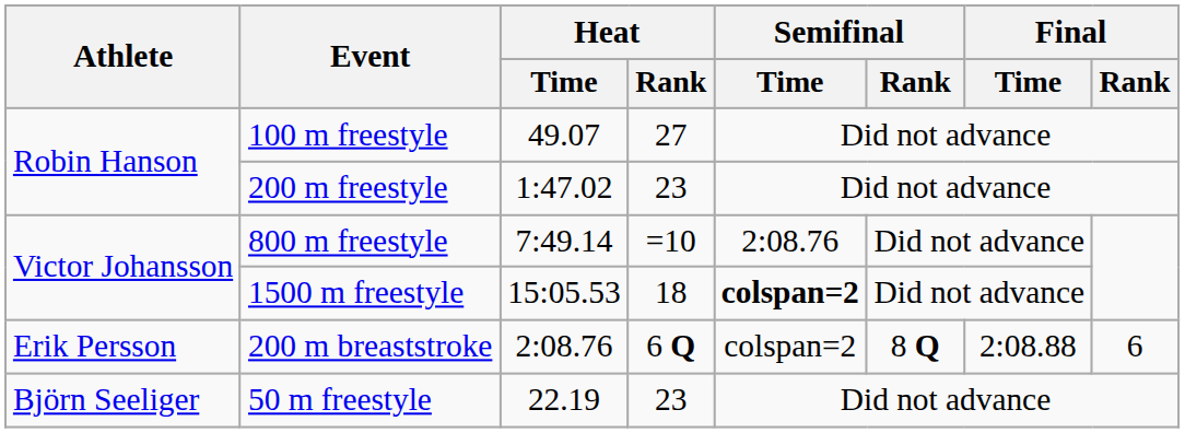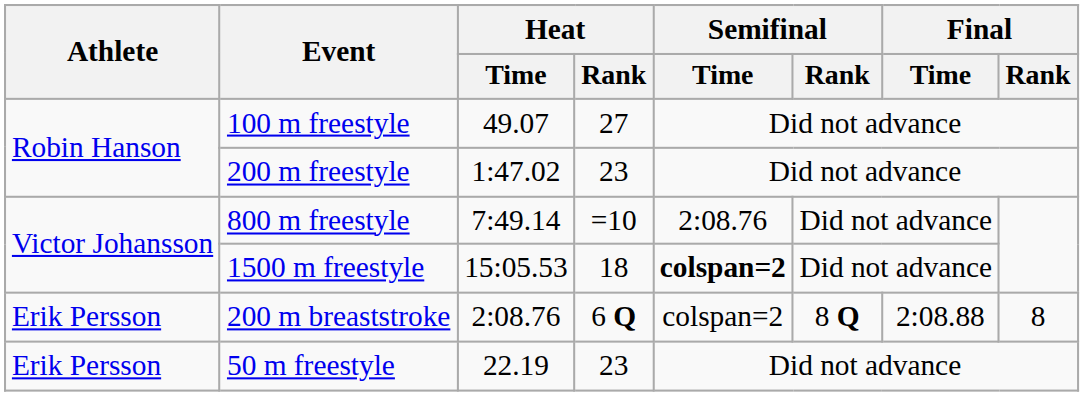 <table class=wikitable style="font-size:90%">
 <tr>
 <th rowspan="2">Athlete</th>
 <th rowspan="2">Event</th>
 <th colspan="2">Heat</th>
 <th colspan="2">Semifinal</th>
 <th colspan="2">Final</th>
 </tr>
 <tr style="font-size:95%">
 <th>Time</th>
 <th>Rank</th>
 <th>Time</th>
 <th>Rank</th>
 <th>Time</th>
 <th>Rank</th>
 </tr>
 <tr align=center>
 <td align=left rowspan=2><a href='#'>Robin Hanson</a></td>
 <td align=left><a href='#'>100 m freestyle</a></td>
 <td>49.07</td>
 <td>27</td>
 <td colspan="4">Did not advance</td>
 </tr>
 <tr align=center>
 <td align=left><a href='#'>200 m freestyle</a></td>
 <td>1:47.02</td>
 <td>23</td>
 <td colspan="4">Did not advance</td>
 </tr>
 <tr align=center>
 <td align=left rowspan=2><a href='#'>Victor Johansson</a></td>
 <td align=left><a href='#'>800 m freestyle</a></td>
 <td>7:49.14</td>
 <td>=10</td>
 <td>2:08.76</td>
 <td colspan="2">Did not advance</td>
 </tr>
 <tr align=center>
 <td align=left><a href='#'>1500 m freestyle</a></td>
 <td>15:05.53</td>
 <td>18</td>
 <td><strong>colspan=2 </strong></td>
 <td colspan="2">Did not advance</td>
 </tr>
 <tr align=center>
 <td align=left><a href='#'>Erik Persson</a></td>
 <td align=left><a href='#'>200 m breaststroke</a></td>
 <td>2:08.76</td>
 <td>6 <strong>Q</strong></td>
 <td>colspan=2 </td>
 <td>8 <strong>Q</strong></td>
 <td>2:08.88</td>
-<td>6</td>
+<td>8</td>
 </tr>
 <tr align=center>
-<td align=left><a href='#'>Björn Seeliger</a></td>
+<td align=left><a href='#'>Erik Persson</a></td>
 <td align=left><a href='#'>50 m freestyle</a></td>
 <td>22.19</td>
 <td>23</td>
 <td colspan="4">Did not advance</td>
 </tr>
 </table>
